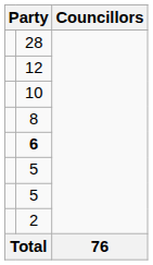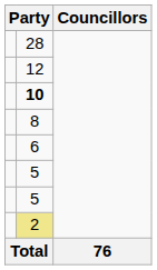 <table class="wikitable">
 <tr>
 <th colspan=2>Party</th>
 <th>Councillors</th>
 </tr>
 <tr>
 <td></td>
 <td align=center>28</td>
 </tr>
 <tr>
 <td></td>
 <td align=center>12</td>
 </tr>
 <tr>
 <td></td>
-<td align=center>10</td>
+<td align=center><strong>10</strong></td>
 </tr>
 <tr>
 <td></td>
 <td align=center>8</td>
 </tr>
 <tr>
 <td></td>
-<td align=center><strong>6</strong></td>
+<td align=center>6</td>
 </tr>
 <tr>
 <td></td>
 <td align=center>5</td>
 </tr>
 <tr>
 <td></td>
 <td align=center>5</td>
 </tr>
 <tr>
 <td></td>
-<td align=center>2</td>
+<td align=center style="background: khaki;">2</td>
 </tr>
 <tr>
 <th colspan=2>Total</th>
 <th>76</th>
 </tr>
 </table>
